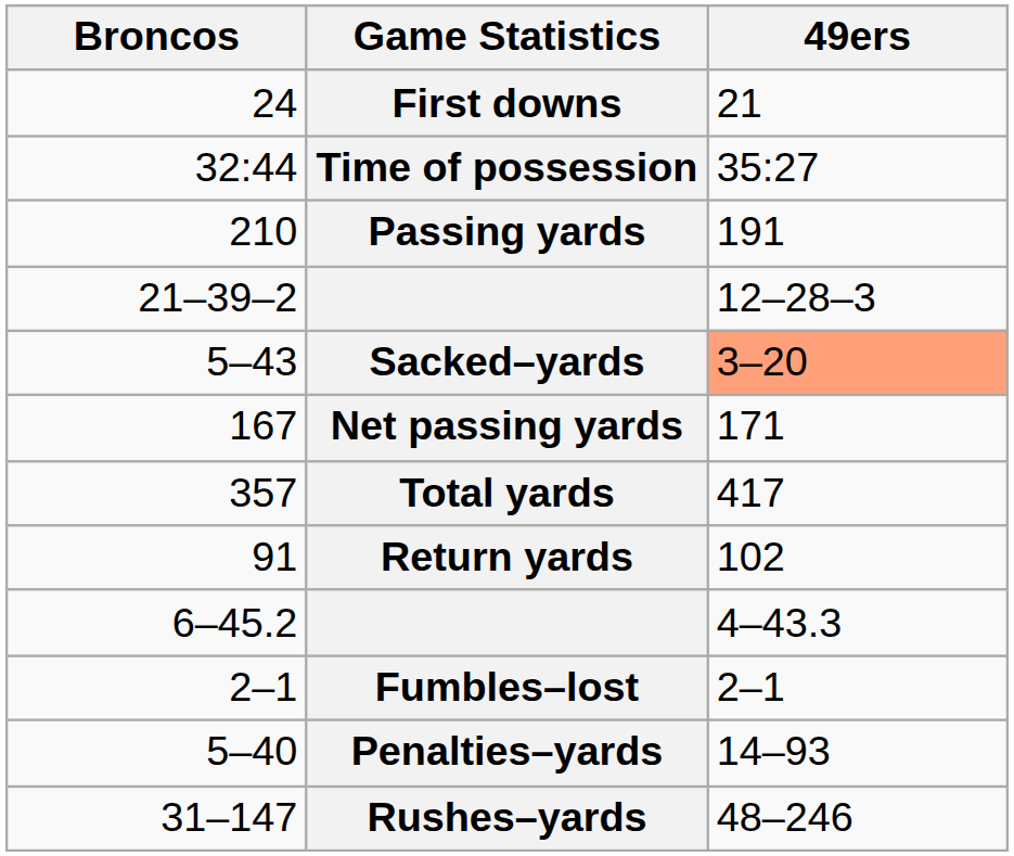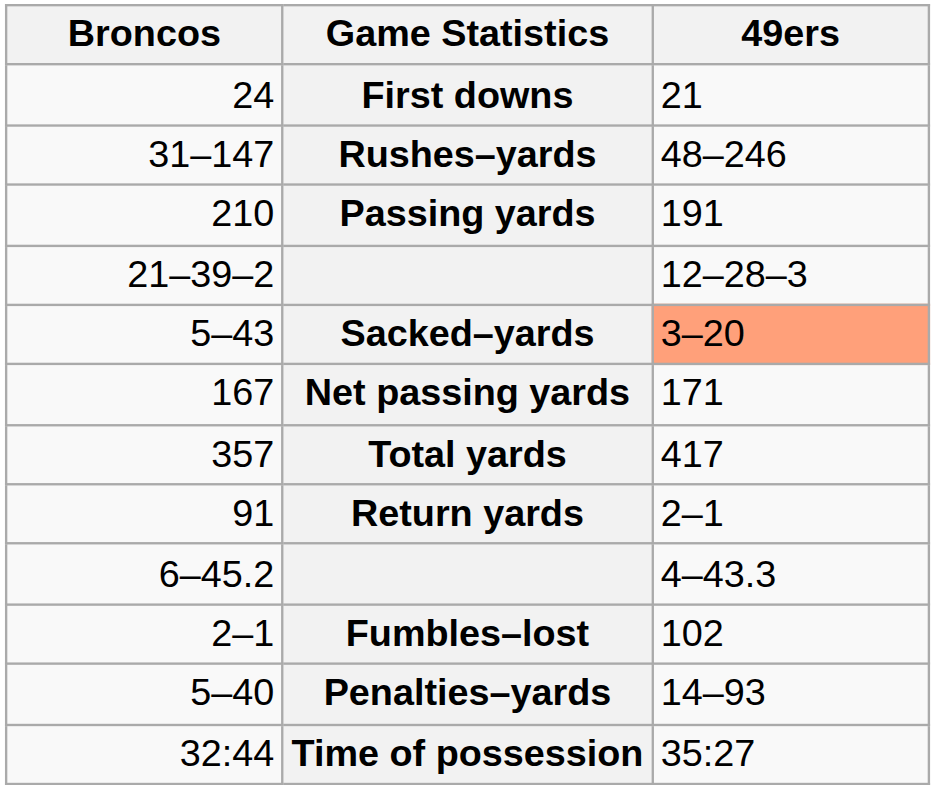 <table class="wikitable" style="margin: 1em auto 1em auto">
 <tr>
 <th style="width:30%;">Broncos</th>
 <th style="width:40%;">Game Statistics</th>
 <th style="width:30%;">49ers</th>
 </tr>
 <tr>
 <td style="text-align:right;">24</td>
 <th>First downs</th>
 <td>21</td>
 </tr>
 <tr>
-<td style="text-align:right;">32:44</td>
-<th>Time of possession</th>
-<td>35:27</td>
+<td style="text-align:right;">31–147</td>
+<th>Rushes–yards</th>
+<td>48–246</td>
 </tr>
 <tr>
 <td style="text-align:right;">210</td>
 <th>Passing yards</th>
 <td>191</td>
 </tr>
 <tr>
 <td style="text-align:right;">21–39–2</td>
 <th></th>
 <td>12–28–3</td>
 </tr>
 <tr>
 <td style="text-align:right;">5–43</td>
 <th>Sacked–yards</th>
 <td style="background: lightsalmon;">3–20</td>
 </tr>
 <tr>
 <td style="text-align:right;">167</td>
 <th>Net passing yards</th>
 <td>171</td>
 </tr>
 <tr>
 <td style="text-align:right;">357</td>
 <th>Total yards</th>
 <td>417</td>
 </tr>
 <tr>
 <td style="text-align:right;">91</td>
 <th>Return yards</th>
-<td>102</td>
+<td>2–1</td>
 </tr>
 <tr>
 <td style="text-align:right;">6–45.2</td>
 <th></th>
 <td>4–43.3</td>
 </tr>
 <tr>
 <td style="text-align:right;">2–1</td>
 <th>Fumbles–lost</th>
-<td>2–1</td>
+<td>102</td>
 </tr>
 <tr>
 <td style="text-align:right;">5–40</td>
 <th>Penalties–yards</th>
 <td>14–93</td>
 </tr>
 <tr>
-<td style="text-align:right;">31–147</td>
-<th>Rushes–yards</th>
-<td>48–246</td>
+<td style="text-align:right;">32:44</td>
+<th>Time of possession</th>
+<td>35:27</td>
 </tr>
 </table>
